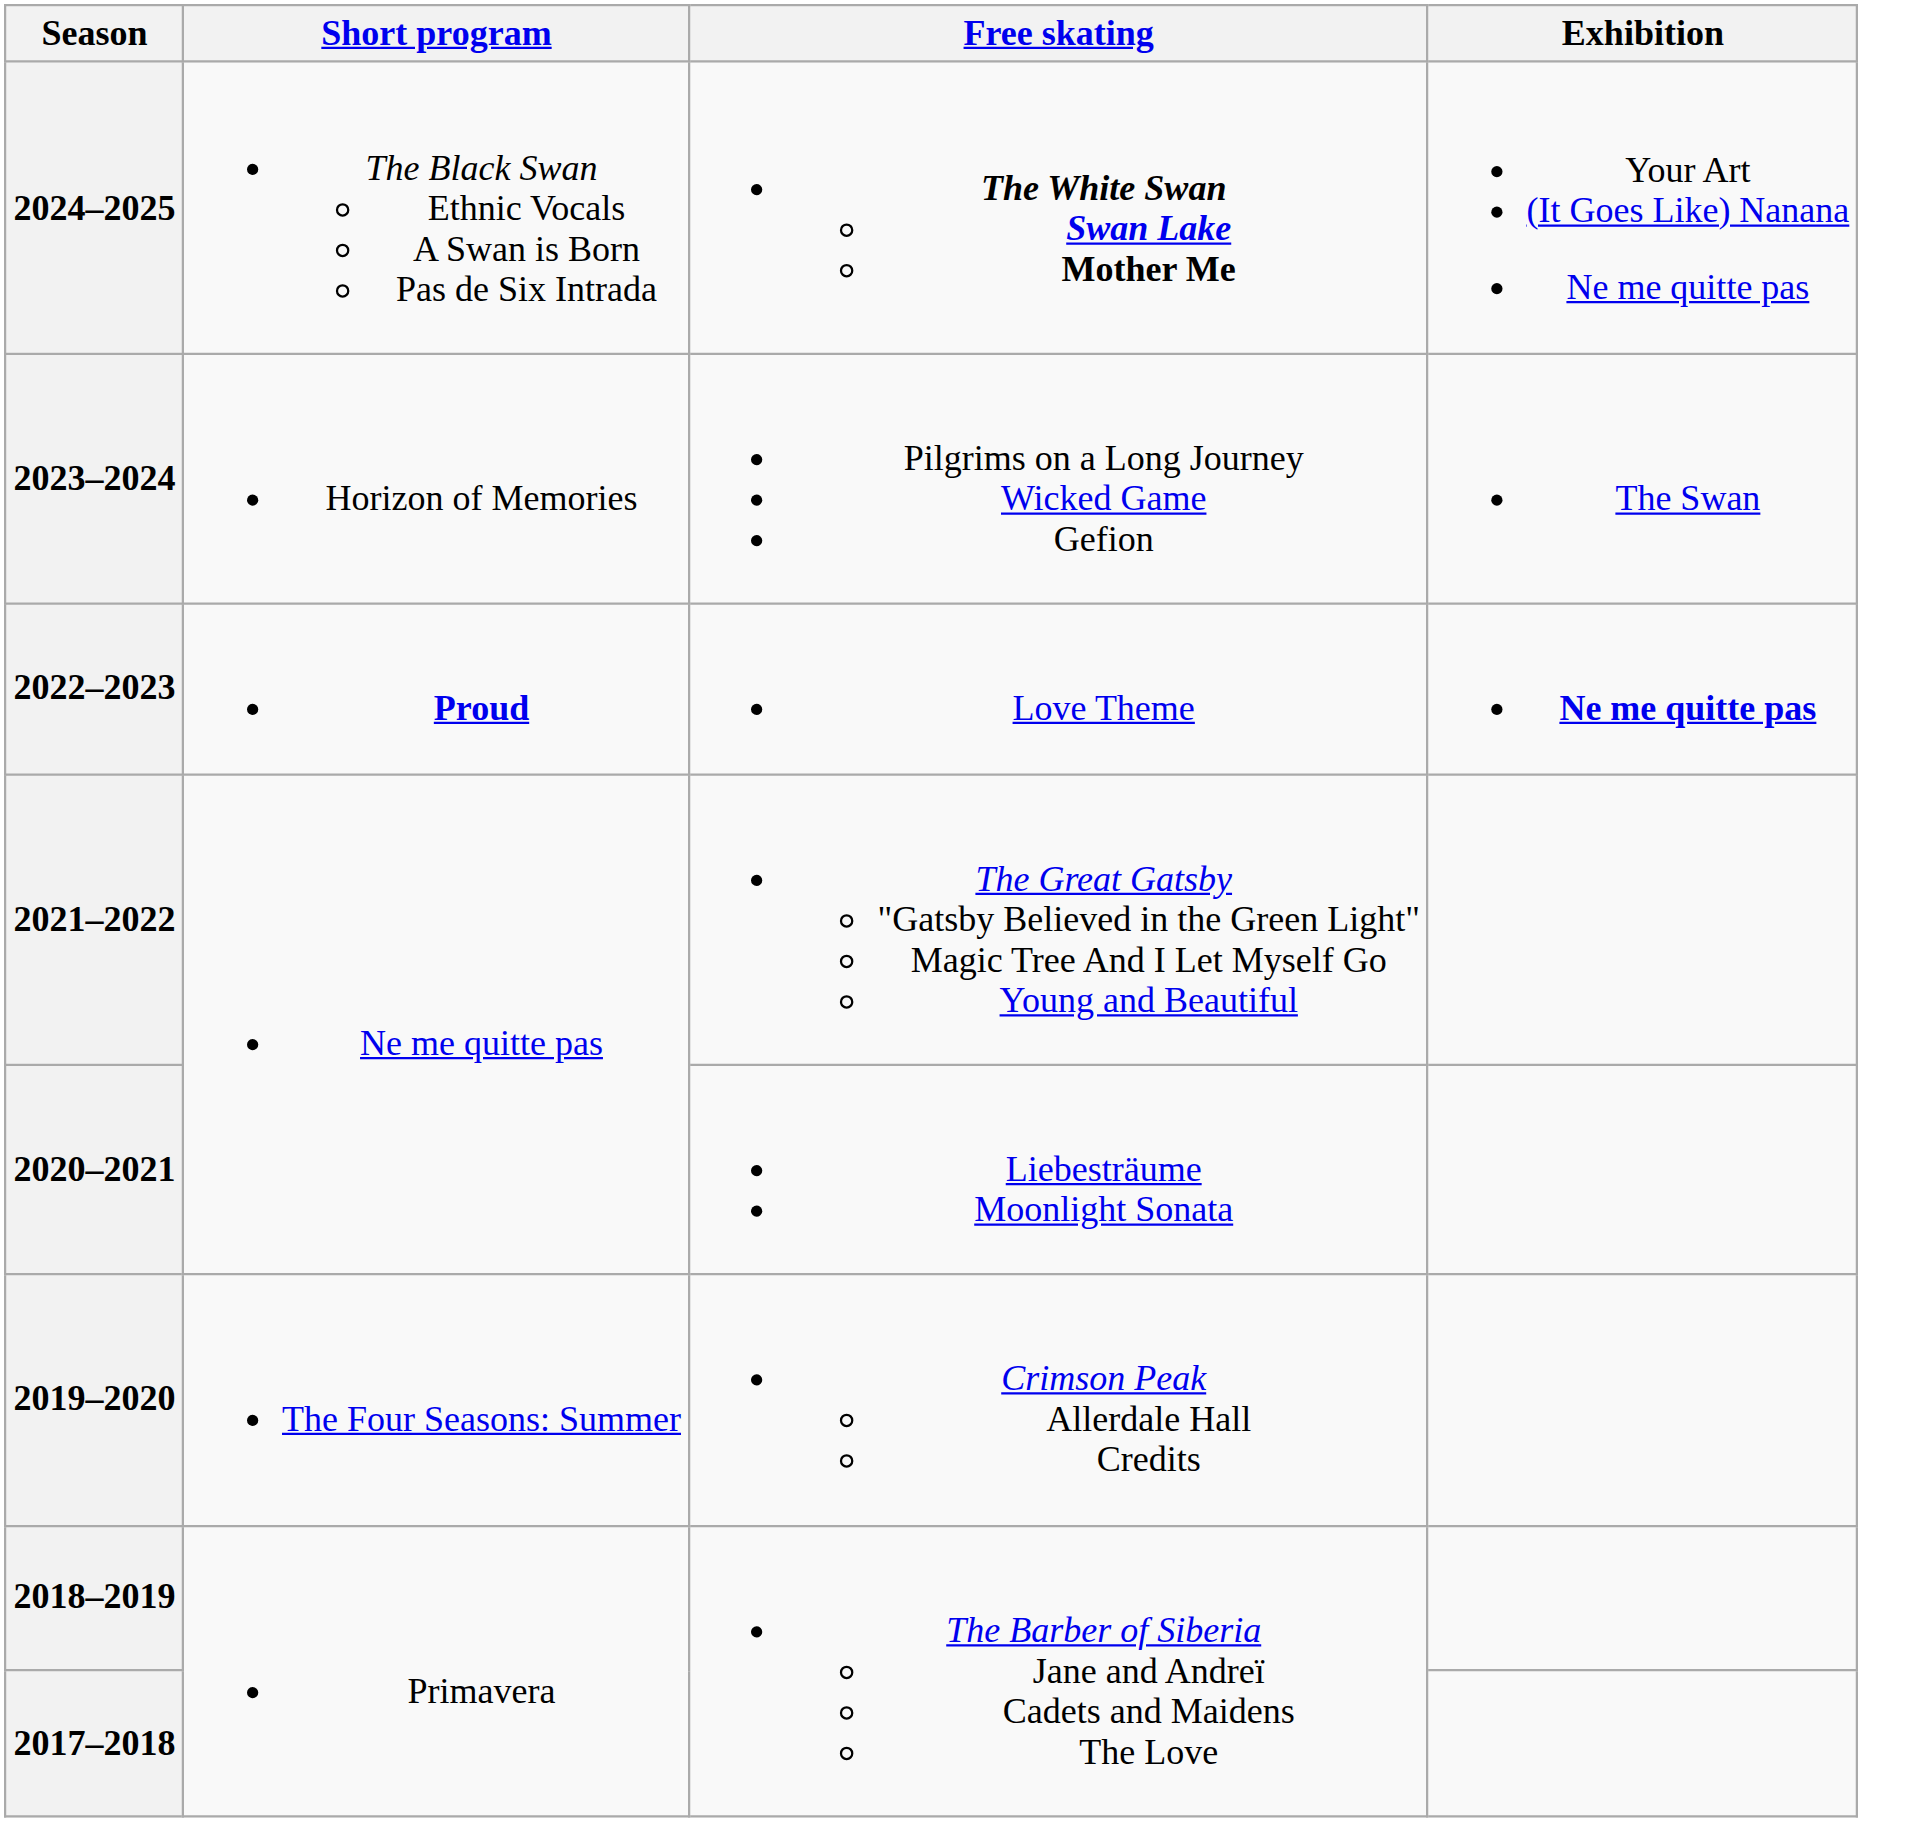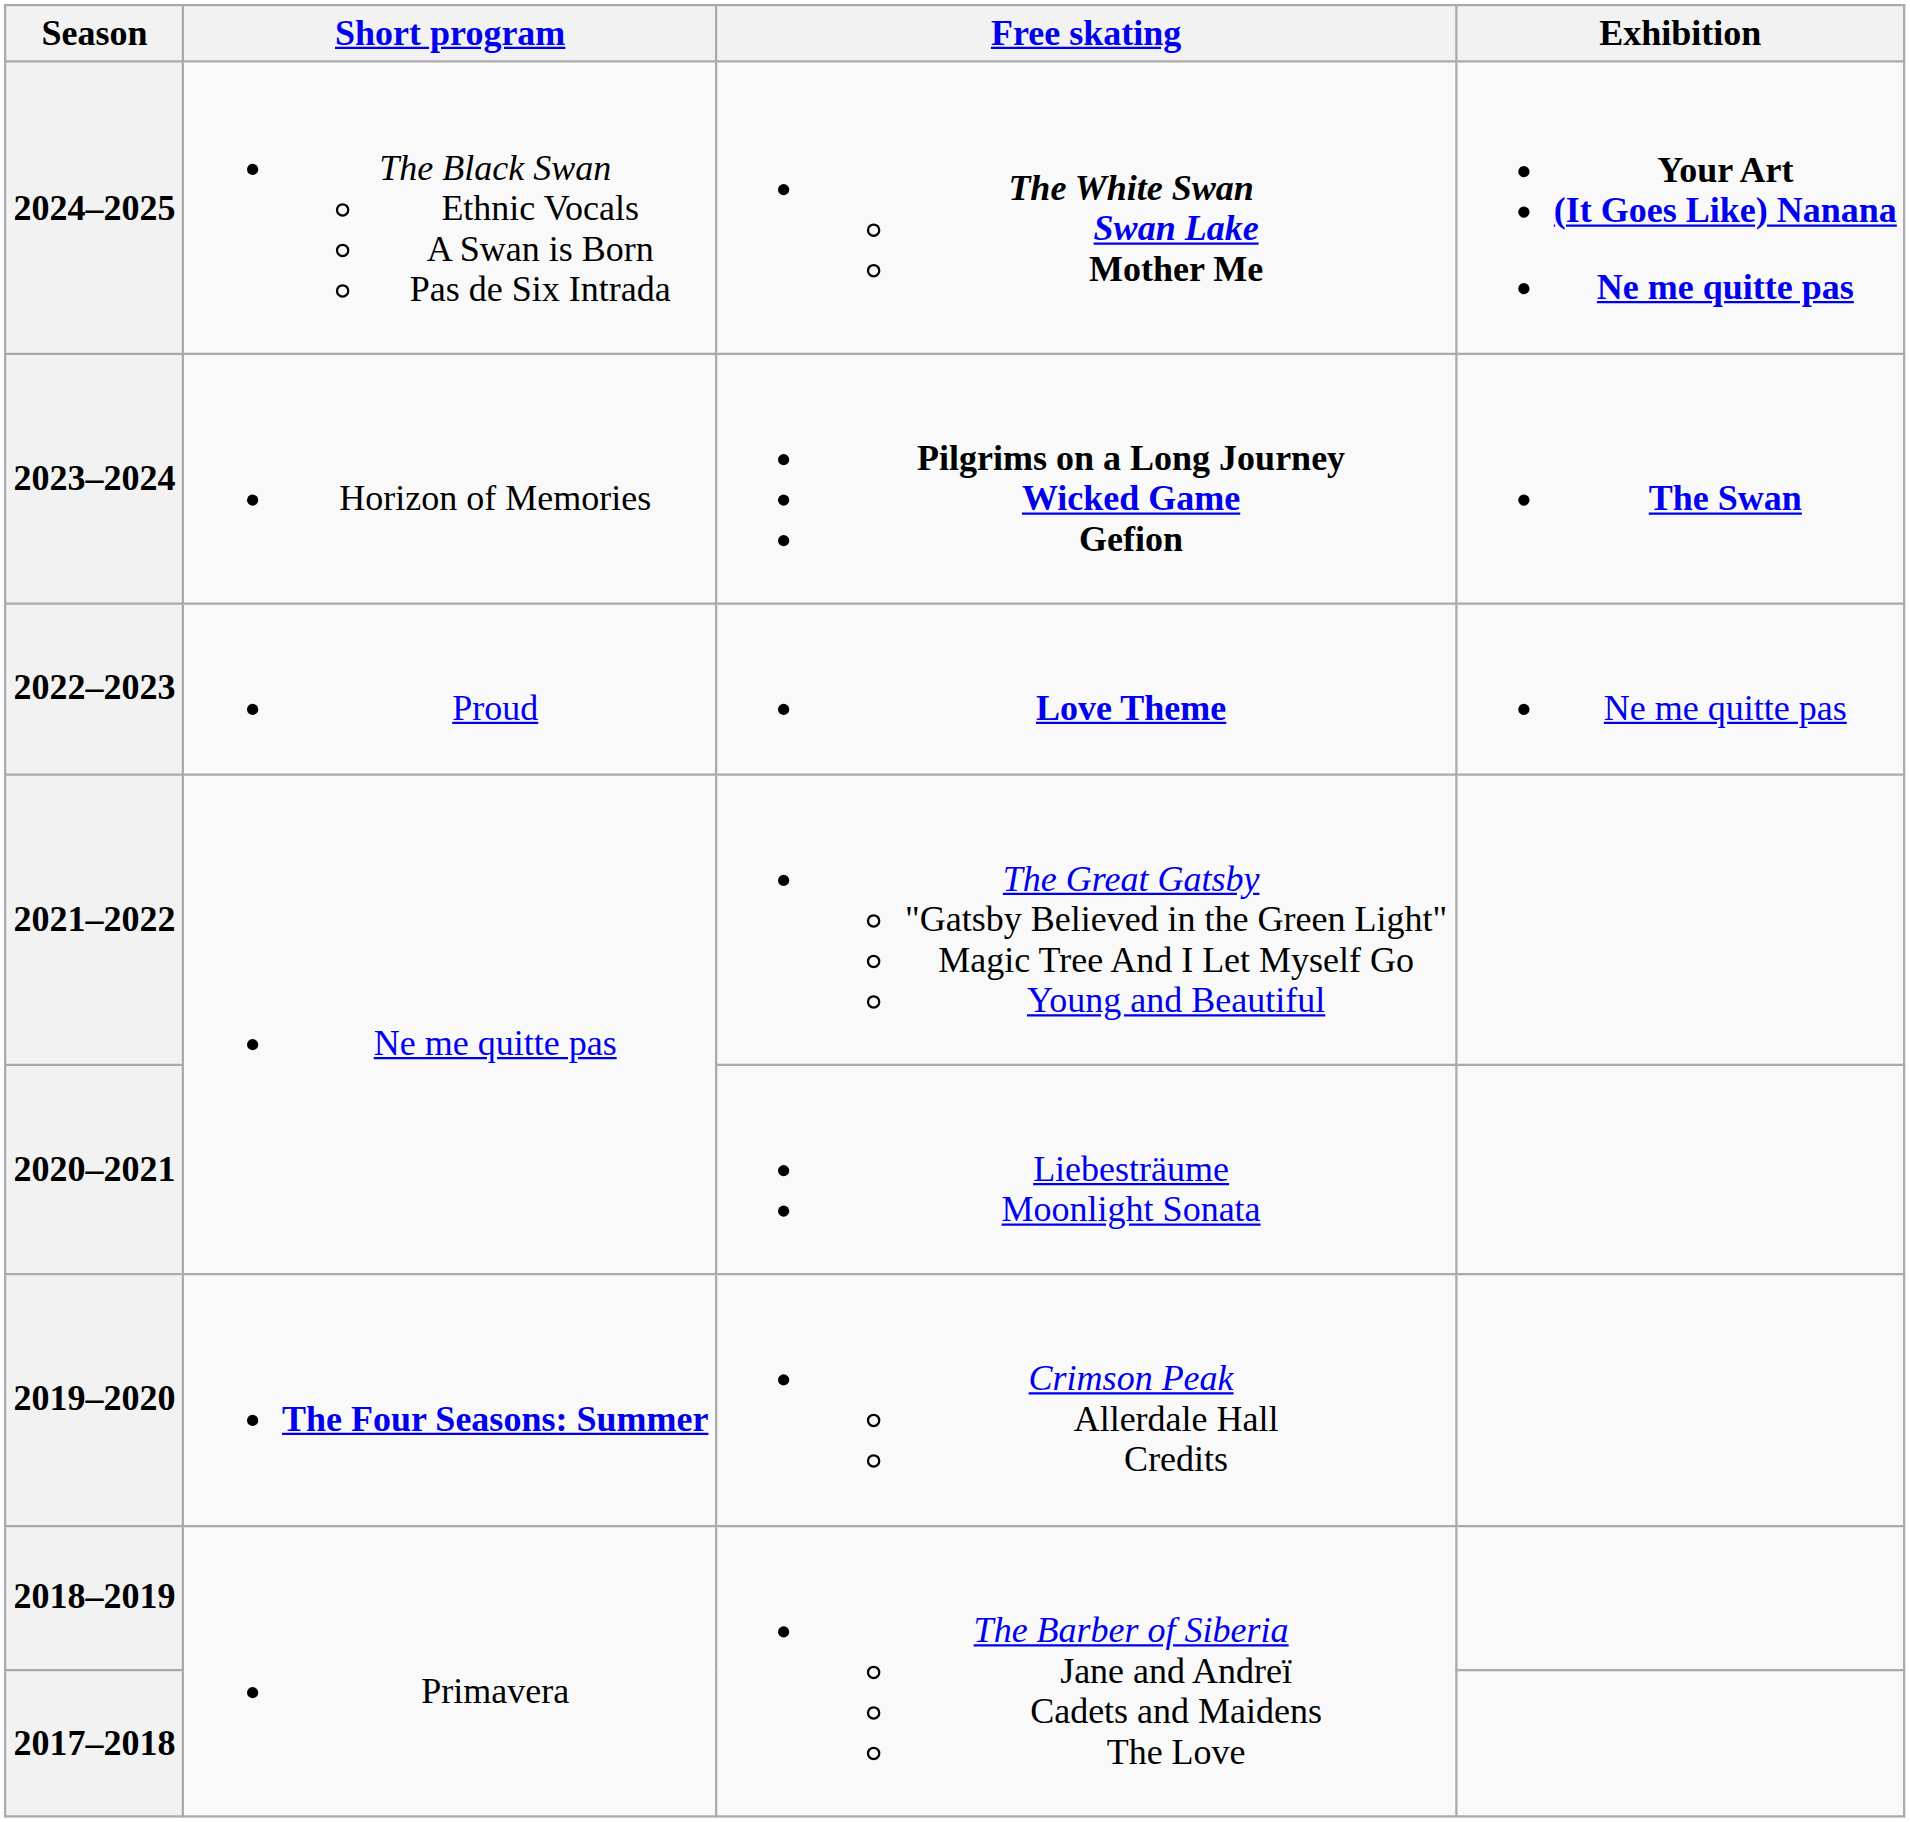 <table class=wikitable style=text-align:center>
 <tr>
 <th>Season</th>
 <th><a href='#'>Short program</a></th>
 <th><a href='#'>Free skating</a></th>
 <th>Exhibition</th>
 </tr>
 <tr>
 <th>2024–2025 <br> </th>
 <td><br><ul><li><em>The Black Swan</em><ul><li>Ethnic Vocals <br></li><li>A Swan is Born <br></li><li>Pas de Six Intrada <br></li></ul></li></ul></td>
 <td><strong><br><ul><li><em>The White Swan</em><ul><li><em><a href='#'>Swan Lake</a></em> <br></li><li>Mother Me <br> </li></ul></li></ul></strong></td>
-<td><br><ul><li>Your Art</li><li><a href='#'>(It Goes Like) Nanana</a> <br> </li></ul><ul><li><a href='#'>Ne me quitte pas</a> <br> </li></ul></td>
+<td><strong><br><ul><li>Your Art</li><li><a href='#'>(It Goes Like) Nanana</a> <br> </li></ul><ul><li><a href='#'>Ne me quitte pas</a> <br> </li></ul></strong></td>
 </tr>
 <tr>
 <th>2023–2024 <br> </th>
 <td><br><ul><li>Horizon of Memories <br></li></ul></td>
-<td><br><ul><li>Pilgrims on a Long Journey <br> </li><li><a href='#'>Wicked Game</a> <br> </li><li>Gefion <br> </li></ul></td>
-<td><br><ul><li><a href='#'>The Swan</a> <br> </li></ul></td>
+<td><strong><br><ul><li>Pilgrims on a Long Journey <br> </li><li><a href='#'>Wicked Game</a> <br> </li><li>Gefion <br> </li></ul></strong></td>
+<td><strong><br><ul><li><a href='#'>The Swan</a> <br> </li></ul></strong></td>
 </tr>
 <tr>
 <th>2022–2023 <br> </th>
-<td><strong><br><ul><li><a href='#'>Proud</a> <br></li></ul></strong></td>
-<td><br><ul><li><a href='#'>Love Theme</a><br></li></ul></td>
-<td><strong><br><ul><li><a href='#'>Ne me quitte pas</a> <br> </li></ul></strong></td>
+<td><br><ul><li><a href='#'>Proud</a> <br></li></ul></td>
+<td><strong><br><ul><li><a href='#'>Love Theme</a><br></li></ul></strong></td>
+<td><br><ul><li><a href='#'>Ne me quitte pas</a> <br> </li></ul></td>
 </tr>
 <tr>
 <th>2021–2022<br></th>
 <td rowspan=2><br><ul><li><a href='#'>Ne me quitte pas</a> <br> </li></ul></td>
 <td><br><ul><li><em><a href='#'>The Great Gatsby</a></em><ul><li>"Gatsby Believed in the Green Light" <br> </li><li>Magic Tree And I Let Myself Go <br> </li><li><a href='#'>Young and Beautiful</a><br> </li></ul></li></ul></td>
 <td></td>
 </tr>
 <tr>
 <th>2020–2021</th>
 <td><br><ul><li><a href='#'>Liebesträume</a> <br> </li><li><a href='#'>Moonlight Sonata</a> <br> </li></ul></td>
 <td></td>
 </tr>
 <tr>
 <th>2019–2020</th>
-<td><br><ul><li><a href='#'>The Four Seasons: Summer</a> <br></li></ul></td>
+<td><strong><br><ul><li><a href='#'>The Four Seasons: Summer</a> <br></li></ul></strong></td>
 <td><br><ul><li><em><a href='#'>Crimson Peak</a></em><ul><li>Allerdale Hall</li><li>Credits <br> </li></ul></li></ul></td>
 <td></td>
 </tr>
 <tr>
 <th>2018–2019</th>
 <td rowspan="2"><br><ul><li>Primavera  <br></li></ul></td>
 <td rowspan="2"><br><ul><li><em><a href='#'>The Barber of Siberia</a></em><ul><li>Jane and Andreï</li><li>Cadets and Maidens</li><li>The Love <br></li></ul></li></ul></td>
 <td></td>
 </tr>
 <tr>
 <th>2017–2018</th>
 <td></td>
 </tr>
 </table>
